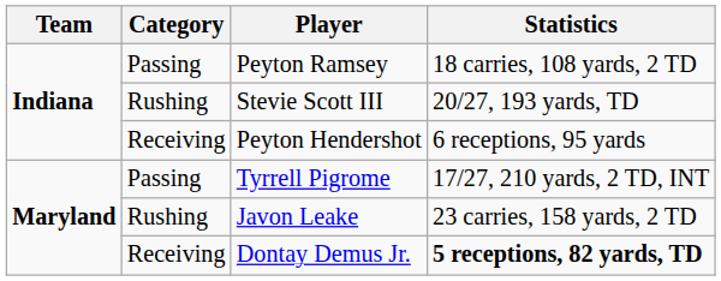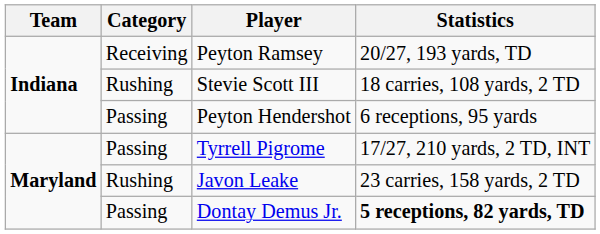 <table class="wikitable" style="float: right;">
 <tr>
 <th>Team</th>
 <th>Category</th>
 <th>Player</th>
 <th>Statistics</th>
 </tr>
 <tr>
 <td rowspan=3><strong>Indiana</strong></td>
-<td>Passing</td>
+<td>Receiving</td>
 <td>Peyton Ramsey</td>
-<td>18 carries, 108 yards, 2 TD</td>
+<td>20/27, 193 yards, TD</td>
 </tr>
 <tr>
 <td>Rushing</td>
 <td>Stevie Scott III</td>
-<td>20/27, 193 yards, TD</td>
+<td>18 carries, 108 yards, 2 TD</td>
 </tr>
 <tr>
-<td>Receiving</td>
+<td>Passing</td>
 <td>Peyton Hendershot</td>
 <td>6 receptions, 95 yards</td>
 </tr>
 <tr>
 <td rowspan=3><strong>Maryland</strong></td>
 <td>Passing</td>
 <td><a href='#'>Tyrrell Pigrome</a></td>
 <td>17/27, 210 yards, 2 TD, INT</td>
 </tr>
 <tr>
 <td>Rushing</td>
 <td><a href='#'>Javon Leake</a></td>
 <td>23 carries, 158 yards, 2 TD</td>
 </tr>
 <tr>
-<td>Receiving</td>
+<td>Passing</td>
 <td><a href='#'>Dontay Demus Jr.</a></td>
 <td><strong>5 receptions, 82 yards, TD</strong></td>
 </tr>
 </table>
